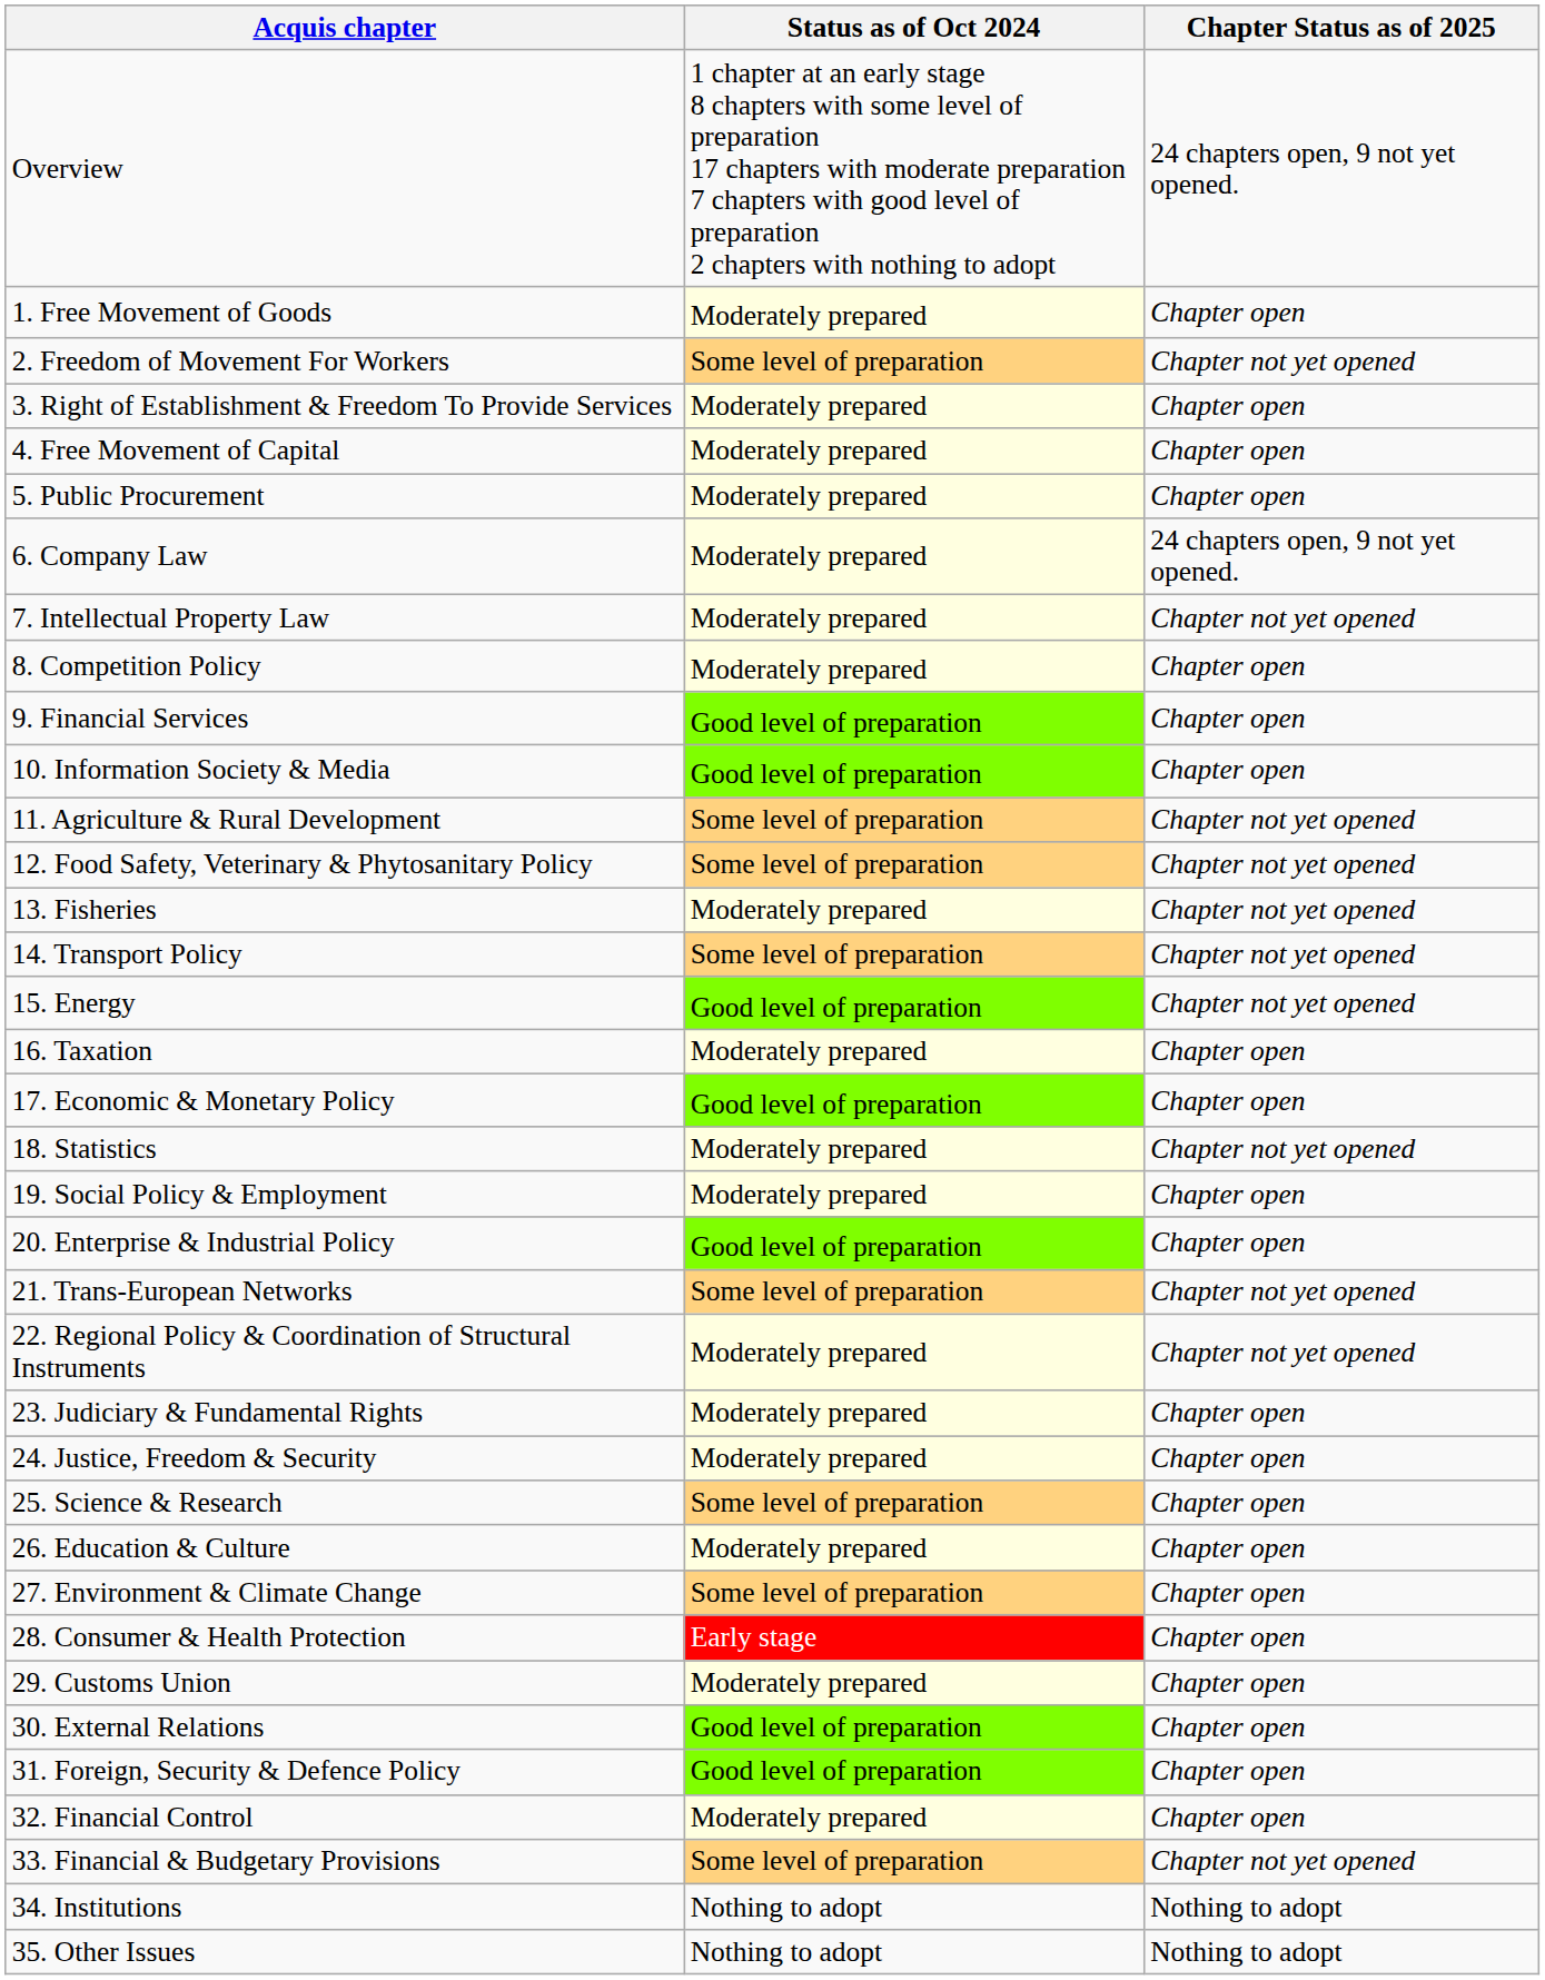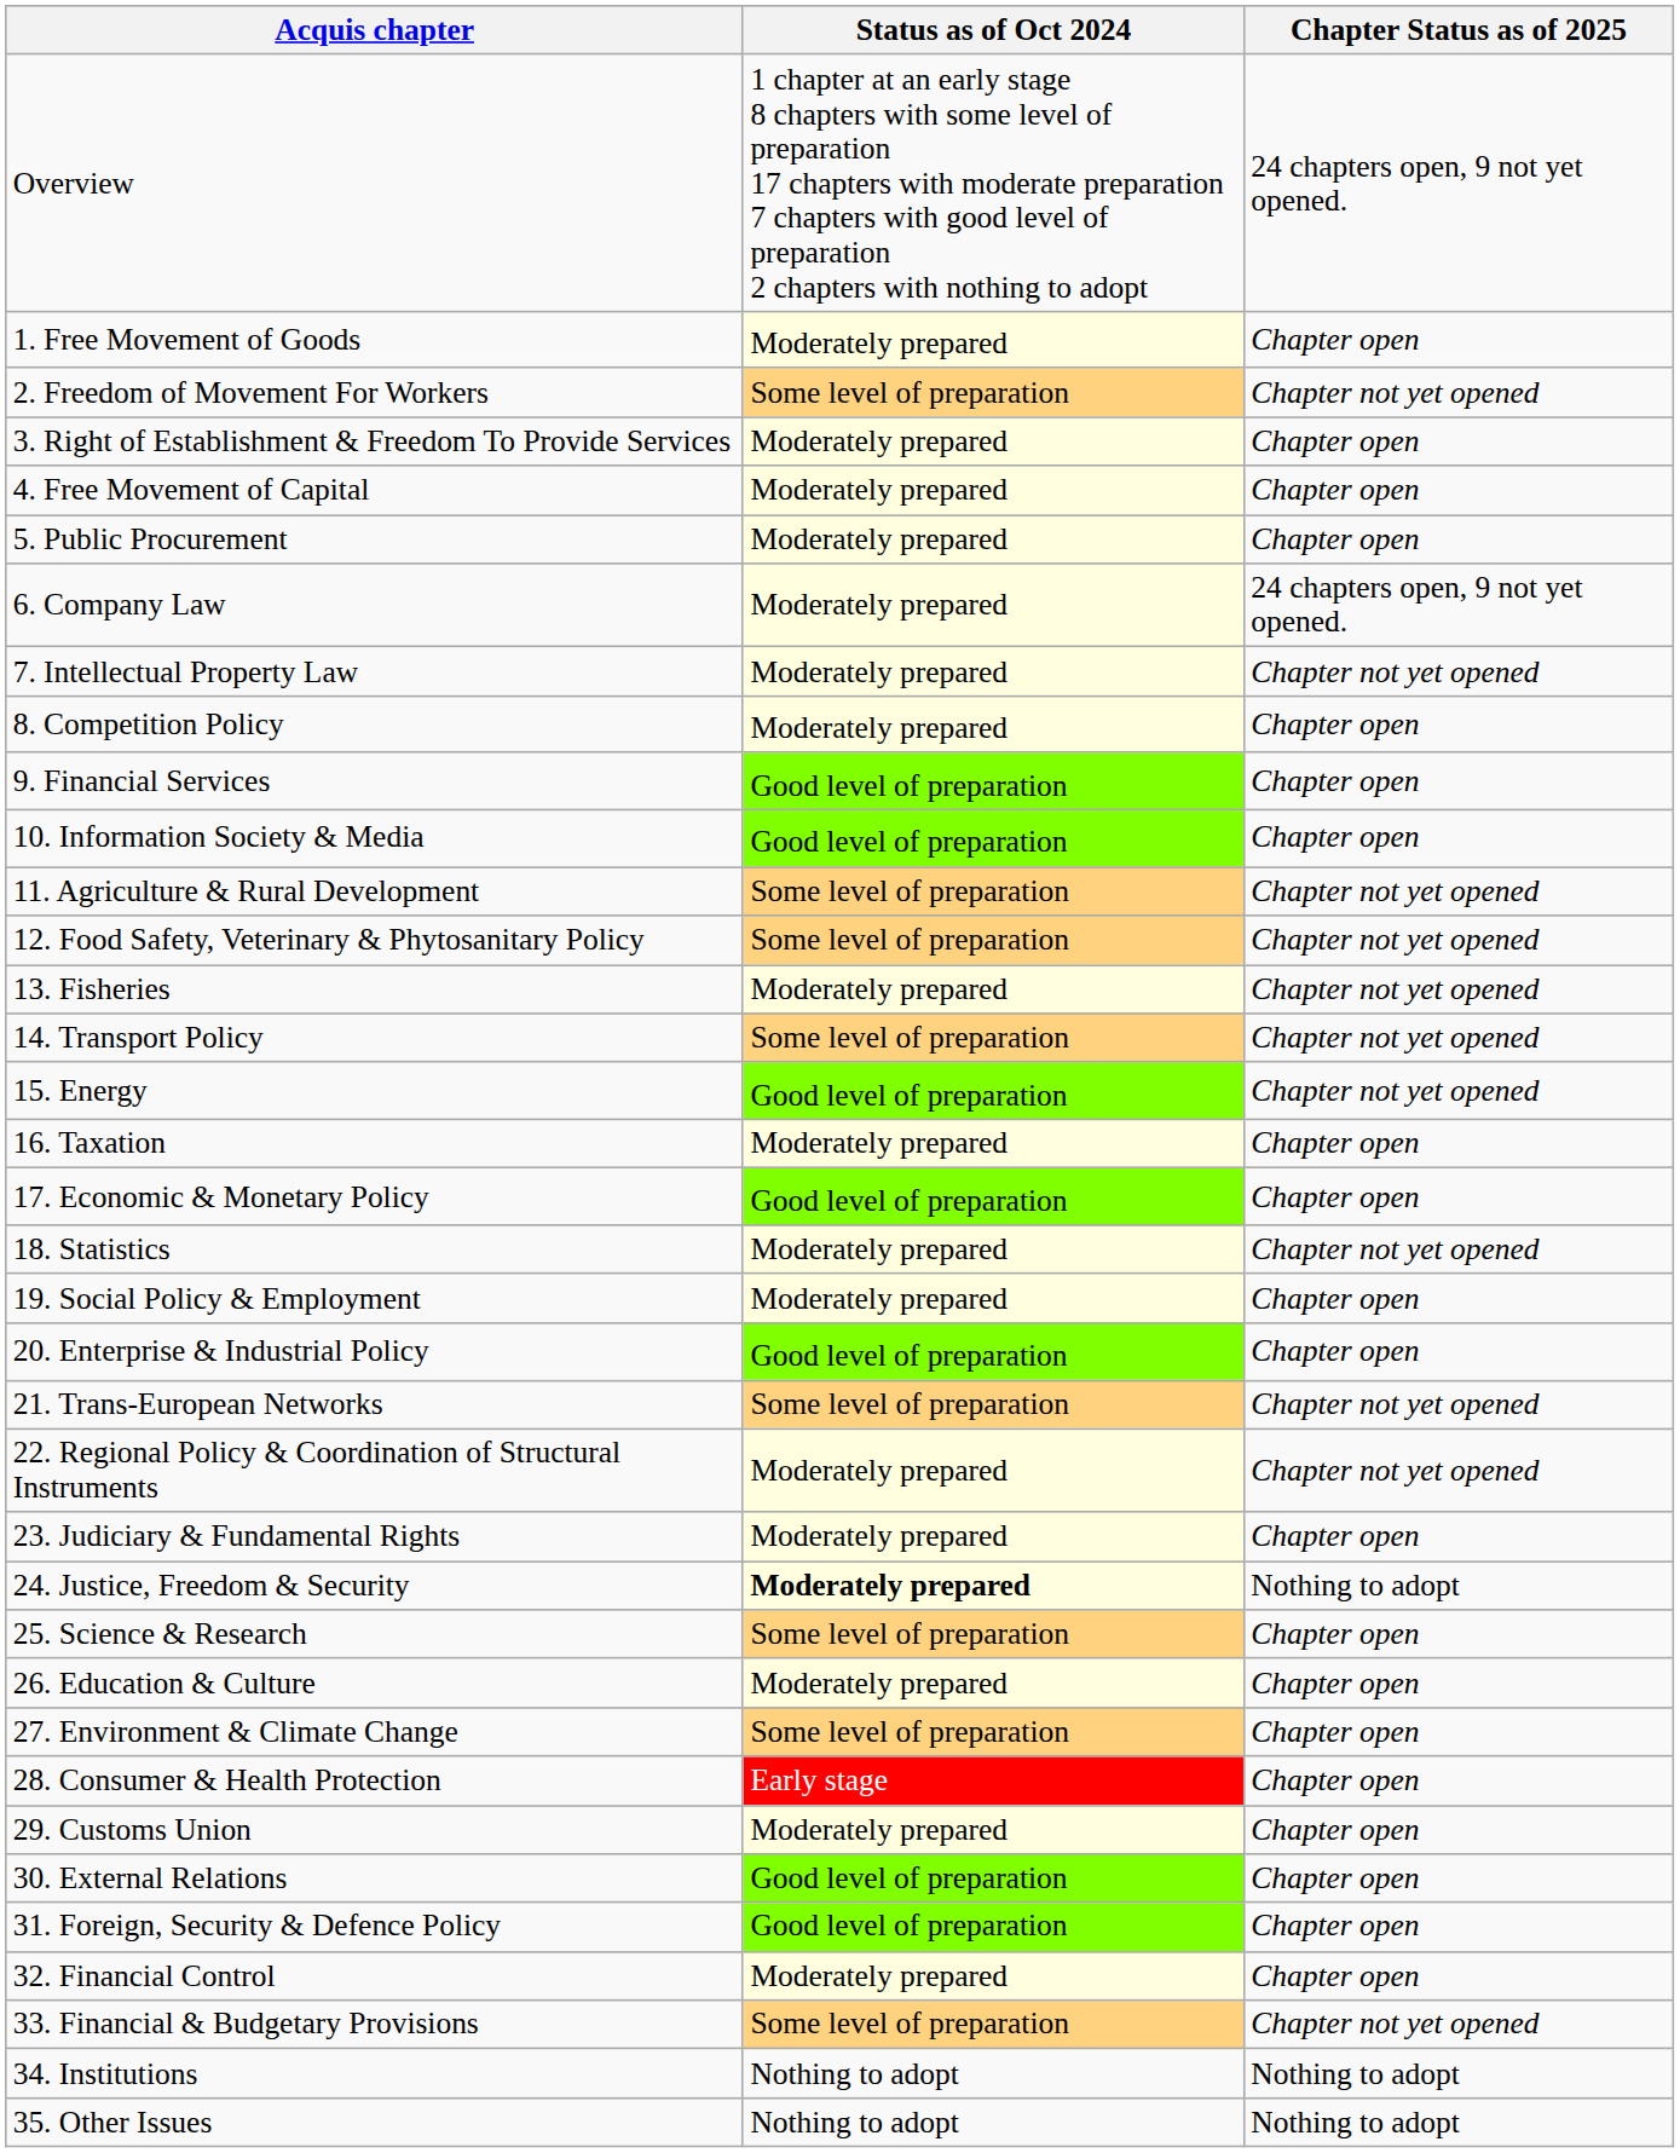 <table class="wikitable mw-collapsible mw-collapsed" style="text-align:left; font-size: 1.0em;">
 <tr>
 <th><a href='#'>Acquis chapter</a></th>
 <th>Status as of Oct 2024</th>
 <th>Chapter Status as of 2025</th>
 </tr>
 <tr>
 <td style="text-align:left;">Overview</td>
 <td>1 chapter at an early stage <br>8 chapters with some level of preparation <br>17 chapters with moderate preparation <br>7 chapters with good level of preparation <br>2 chapters with nothing to adopt</td>
 <td>24 chapters open, 9 not yet opened.</td>
 </tr>
 <tr>
 <td style="text-align:left;">1. Free Movement of Goods</td>
 <td style="background:#FFFFE0;">Moderately prepared<sup></sup></td>
 <td><em>Chapter open</em></td>
 </tr>
 <tr>
 <td style="text-align:left;">2. Freedom of Movement For Workers</td>
 <td style="background:#FFD27F">Some level of preparation</td>
 <td><em>Chapter not yet opened</em></td>
 </tr>
 <tr>
 <td style="text-align:left;">3. Right of Establishment & Freedom To Provide Services</td>
 <td style="background:#FFFFE0;">Moderately prepared</td>
 <td><em>Chapter open</em></td>
 </tr>
 <tr>
 <td style="text-align:left;">4. Free Movement of Capital</td>
 <td style="background:#FFFFE0;">Moderately prepared</td>
 <td><em>Chapter open</em></td>
 </tr>
 <tr>
 <td style="text-align:left;">5. Public Procurement</td>
 <td style="background:#FFFFE0;">Moderately prepared</td>
 <td><em>Chapter open</em></td>
 </tr>
 <tr>
 <td style="text-align:left;">6. Company Law</td>
 <td style="background:#FFFFE0;">Moderately prepared</td>
 <td>24 chapters open, 9 not yet opened.</td>
 </tr>
 <tr>
 <td style="text-align:left;">7. Intellectual Property Law</td>
 <td style="background:#FFFFE0;">Moderately prepared</td>
 <td><em>Chapter not yet opened</em></td>
 </tr>
 <tr>
 <td style="text-align:left;">8. Competition Policy</td>
 <td style="background:#FFFFE0;">Moderately prepared<sup></sup></td>
 <td><em>Chapter open</em></td>
 </tr>
 <tr>
 <td style="text-align:left;">9. Financial Services</td>
 <td style="background:#7fff00;">Good level of preparation<sup></sup></td>
 <td><em>Chapter open</em></td>
 </tr>
 <tr>
 <td style="text-align:left;">10. Information Society & Media</td>
 <td style="background:#7fff00;">Good level of preparation<sup></sup></td>
 <td><em>Chapter open</em></td>
 </tr>
 <tr>
 <td style="text-align:left;">11. Agriculture & Rural Development</td>
 <td style="background:#FFD27F">Some level of preparation</td>
 <td><em>Chapter not yet opened</em></td>
 </tr>
 <tr>
 <td style="text-align:left;">12. Food Safety, Veterinary & Phytosanitary Policy</td>
 <td style="background:#FFD27F">Some level of preparation</td>
 <td><em>Chapter not yet opened</em></td>
 </tr>
 <tr>
 <td style="text-align:left;">13. Fisheries</td>
 <td style="background:#FFFFE0;">Moderately prepared</td>
 <td><em>Chapter not yet opened</em></td>
 </tr>
 <tr>
 <td style="text-align:left;">14. Transport Policy</td>
 <td style="background:#FFD27F">Some level of preparation</td>
 <td><em>Chapter not yet opened</em></td>
 </tr>
 <tr>
 <td style="text-align:left;">15. Energy</td>
 <td style="background:#7fff00;">Good level of preparation<sup></sup></td>
 <td><em>Chapter not yet opened</em></td>
 </tr>
 <tr>
 <td style="text-align:left;">16. Taxation</td>
 <td style="background:#FFFFE0;">Moderately prepared</td>
 <td><em>Chapter open</em></td>
 </tr>
 <tr>
 <td style="text-align:left;">17. Economic & Monetary Policy</td>
 <td style="background:#7fff00;">Good level of preparation<sup></sup></td>
 <td><em>Chapter open</em></td>
 </tr>
 <tr>
 <td style="text-align:left;">18. Statistics</td>
 <td style="background:#FFFFE0;">Moderately prepared</td>
 <td><em>Chapter not yet opened</em></td>
 </tr>
 <tr>
 <td style="text-align:left;">19. Social Policy & Employment</td>
 <td style="background:#FFFFE0">Moderately prepared</td>
 <td><em>Chapter open</em></td>
 </tr>
 <tr>
 <td style="text-align:left;">20. Enterprise & Industrial Policy</td>
 <td style="background:#7fff00;">Good level of preparation<sup></sup></td>
 <td><em>Chapter open</em></td>
 </tr>
 <tr>
 <td style="text-align:left;">21. Trans-European Networks</td>
 <td style="background:#FFD27F">Some level of preparation</td>
 <td><em>Chapter not yet opened</em></td>
 </tr>
 <tr>
 <td style="text-align:left;">22. Regional Policy & Coordination of Structural Instruments</td>
 <td style="background:#FFFFE0;">Moderately prepared</td>
 <td><em>Chapter not yet opened</em></td>
 </tr>
 <tr>
 <td style="text-align:left;">23. Judiciary & Fundamental Rights</td>
 <td style="background:#FFFFE0;">Moderately prepared</td>
 <td><em>Chapter open</em></td>
 </tr>
 <tr>
 <td style="text-align:left;">24. Justice, Freedom & Security</td>
-<td style="background:#FFFFE0;">Moderately prepared</td>
-<td><em>Chapter open</em></td>
+<td style="background:#FFFFE0;"><strong>Moderately prepared</strong></td>
+<td>Nothing to adopt</td>
 </tr>
 <tr>
 <td style="text-align:left;">25. Science & Research</td>
 <td style="background:#FFD27F">Some level of preparation</td>
 <td><em>Chapter open</em></td>
 </tr>
 <tr>
 <td style="text-align:left;">26. Education & Culture</td>
 <td style="background:#FFFFE0;">Moderately prepared</td>
 <td><em>Chapter open</em></td>
 </tr>
 <tr>
 <td style="text-align:left;">27. Environment & Climate Change</td>
 <td style="background:#FFD27F">Some level of preparation</td>
 <td><em>Chapter open</em></td>
 </tr>
 <tr>
 <td style="text-align:left;">28. Consumer & Health Protection</td>
 <td style="background:#f00; color:white;">Early stage</td>
 <td><em>Chapter open</em></td>
 </tr>
 <tr>
 <td style="text-align:left;">29. Customs Union</td>
 <td style="background:#FFFFE0;">Moderately prepared</td>
 <td><em>Chapter open</em></td>
 </tr>
 <tr>
 <td style="text-align:left;">30. External Relations</td>
 <td style="background:#7fff00;">Good level of preparation</td>
 <td><em>Chapter open</em></td>
 </tr>
 <tr>
 <td style="text-align:left;">31. Foreign, Security & Defence Policy</td>
 <td style="background:#7fff00;">Good level of preparation</td>
 <td><em>Chapter open</em></td>
 </tr>
 <tr>
 <td style="text-align:left;">32. Financial Control</td>
 <td style="background:#FFFFE0;">Moderately prepared</td>
 <td><em>Chapter open</em></td>
 </tr>
 <tr>
 <td style="text-align:left;">33. Financial & Budgetary Provisions</td>
 <td style="background:#FFD27F">Some level of preparation</td>
 <td><em>Chapter not yet opened</em></td>
 </tr>
 <tr>
 <td style="text-align:left;">34. Institutions</td>
 <td>Nothing to adopt</td>
 <td>Nothing to adopt</td>
 </tr>
 <tr>
 <td style="text-align:left;">35. Other Issues</td>
 <td>Nothing to adopt</td>
 <td>Nothing to adopt</td>
 </tr>
 </table>
